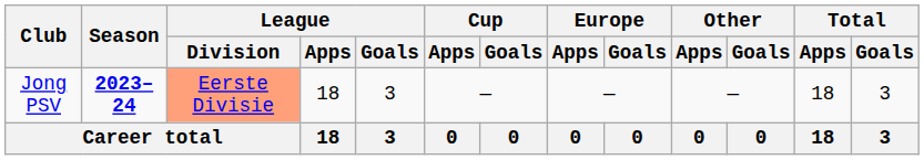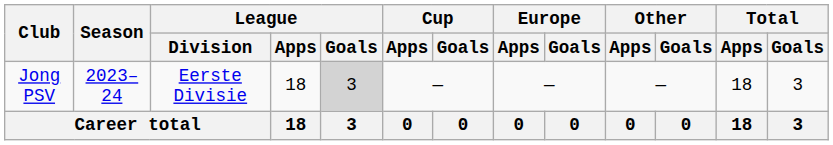 <table class="wikitable" style="text-align:center">
 <tr>
 <th rowspan="2">Club</th>
 <th rowspan="2">Season</th>
 <th colspan="3">League</th>
 <th colspan="2">Cup</th>
 <th colspan="2">Europe</th>
 <th colspan="2">Other</th>
 <th colspan="2">Total</th>
 </tr>
 <tr>
 <th>Division</th>
 <th>Apps</th>
 <th>Goals</th>
 <th>Apps</th>
 <th>Goals</th>
 <th>Apps</th>
 <th>Goals</th>
 <th>Apps</th>
 <th>Goals</th>
 <th>Apps</th>
 <th>Goals</th>
 </tr>
 <tr>
 <td><a href='#'>Jong PSV</a></td>
-<td><strong><a href='#'>2023–24</a></strong></td>
-<td style="background: lightsalmon;"><a href='#'>Eerste Divisie</a></td>
+<td><a href='#'>2023–24</a></td>
+<td><a href='#'>Eerste Divisie</a></td>
 <td>18</td>
-<td>3</td>
+<td style="background: lightgrey;">3</td>
 <td colspan="2">—</td>
 <td colspan="2">—</td>
 <td colspan="2">—</td>
 <td>18</td>
 <td>3</td>
 </tr>
 <tr>
 <th colspan="3">Career total</th>
 <th>18</th>
 <th>3</th>
 <th>0</th>
 <th>0</th>
 <th>0</th>
 <th>0</th>
 <th>0</th>
 <th>0</th>
 <th>18</th>
 <th>3</th>
 </tr>
 </table>
